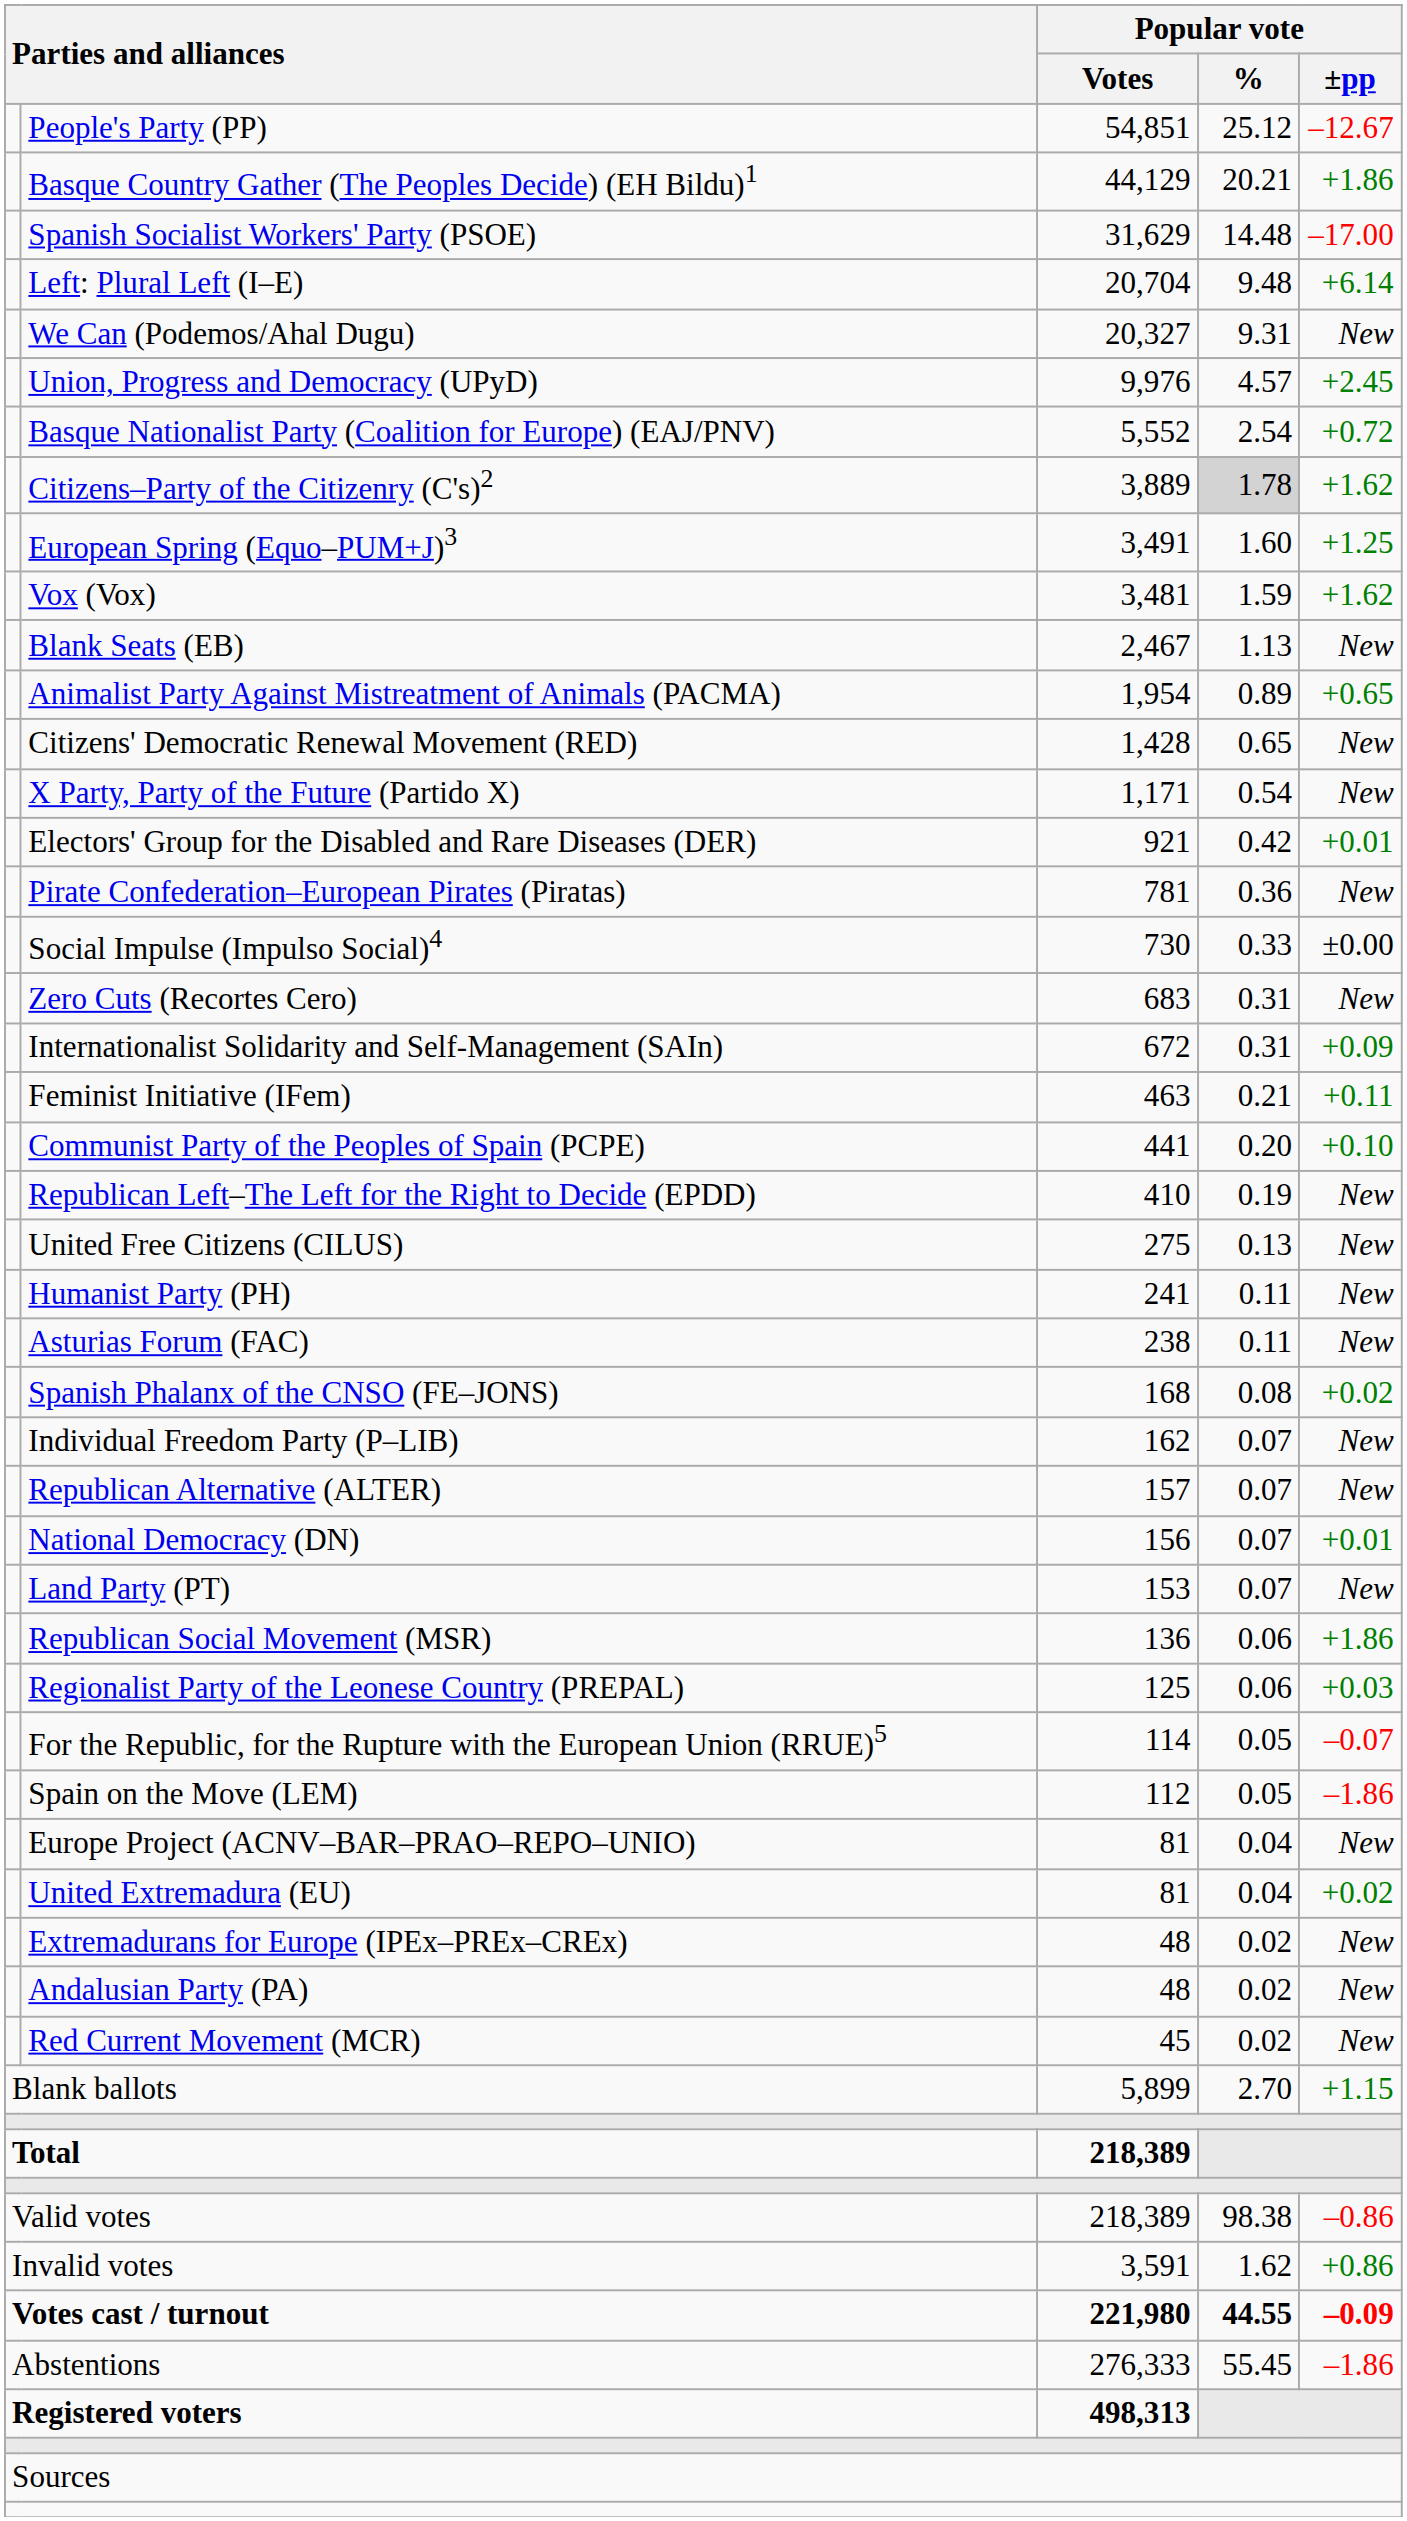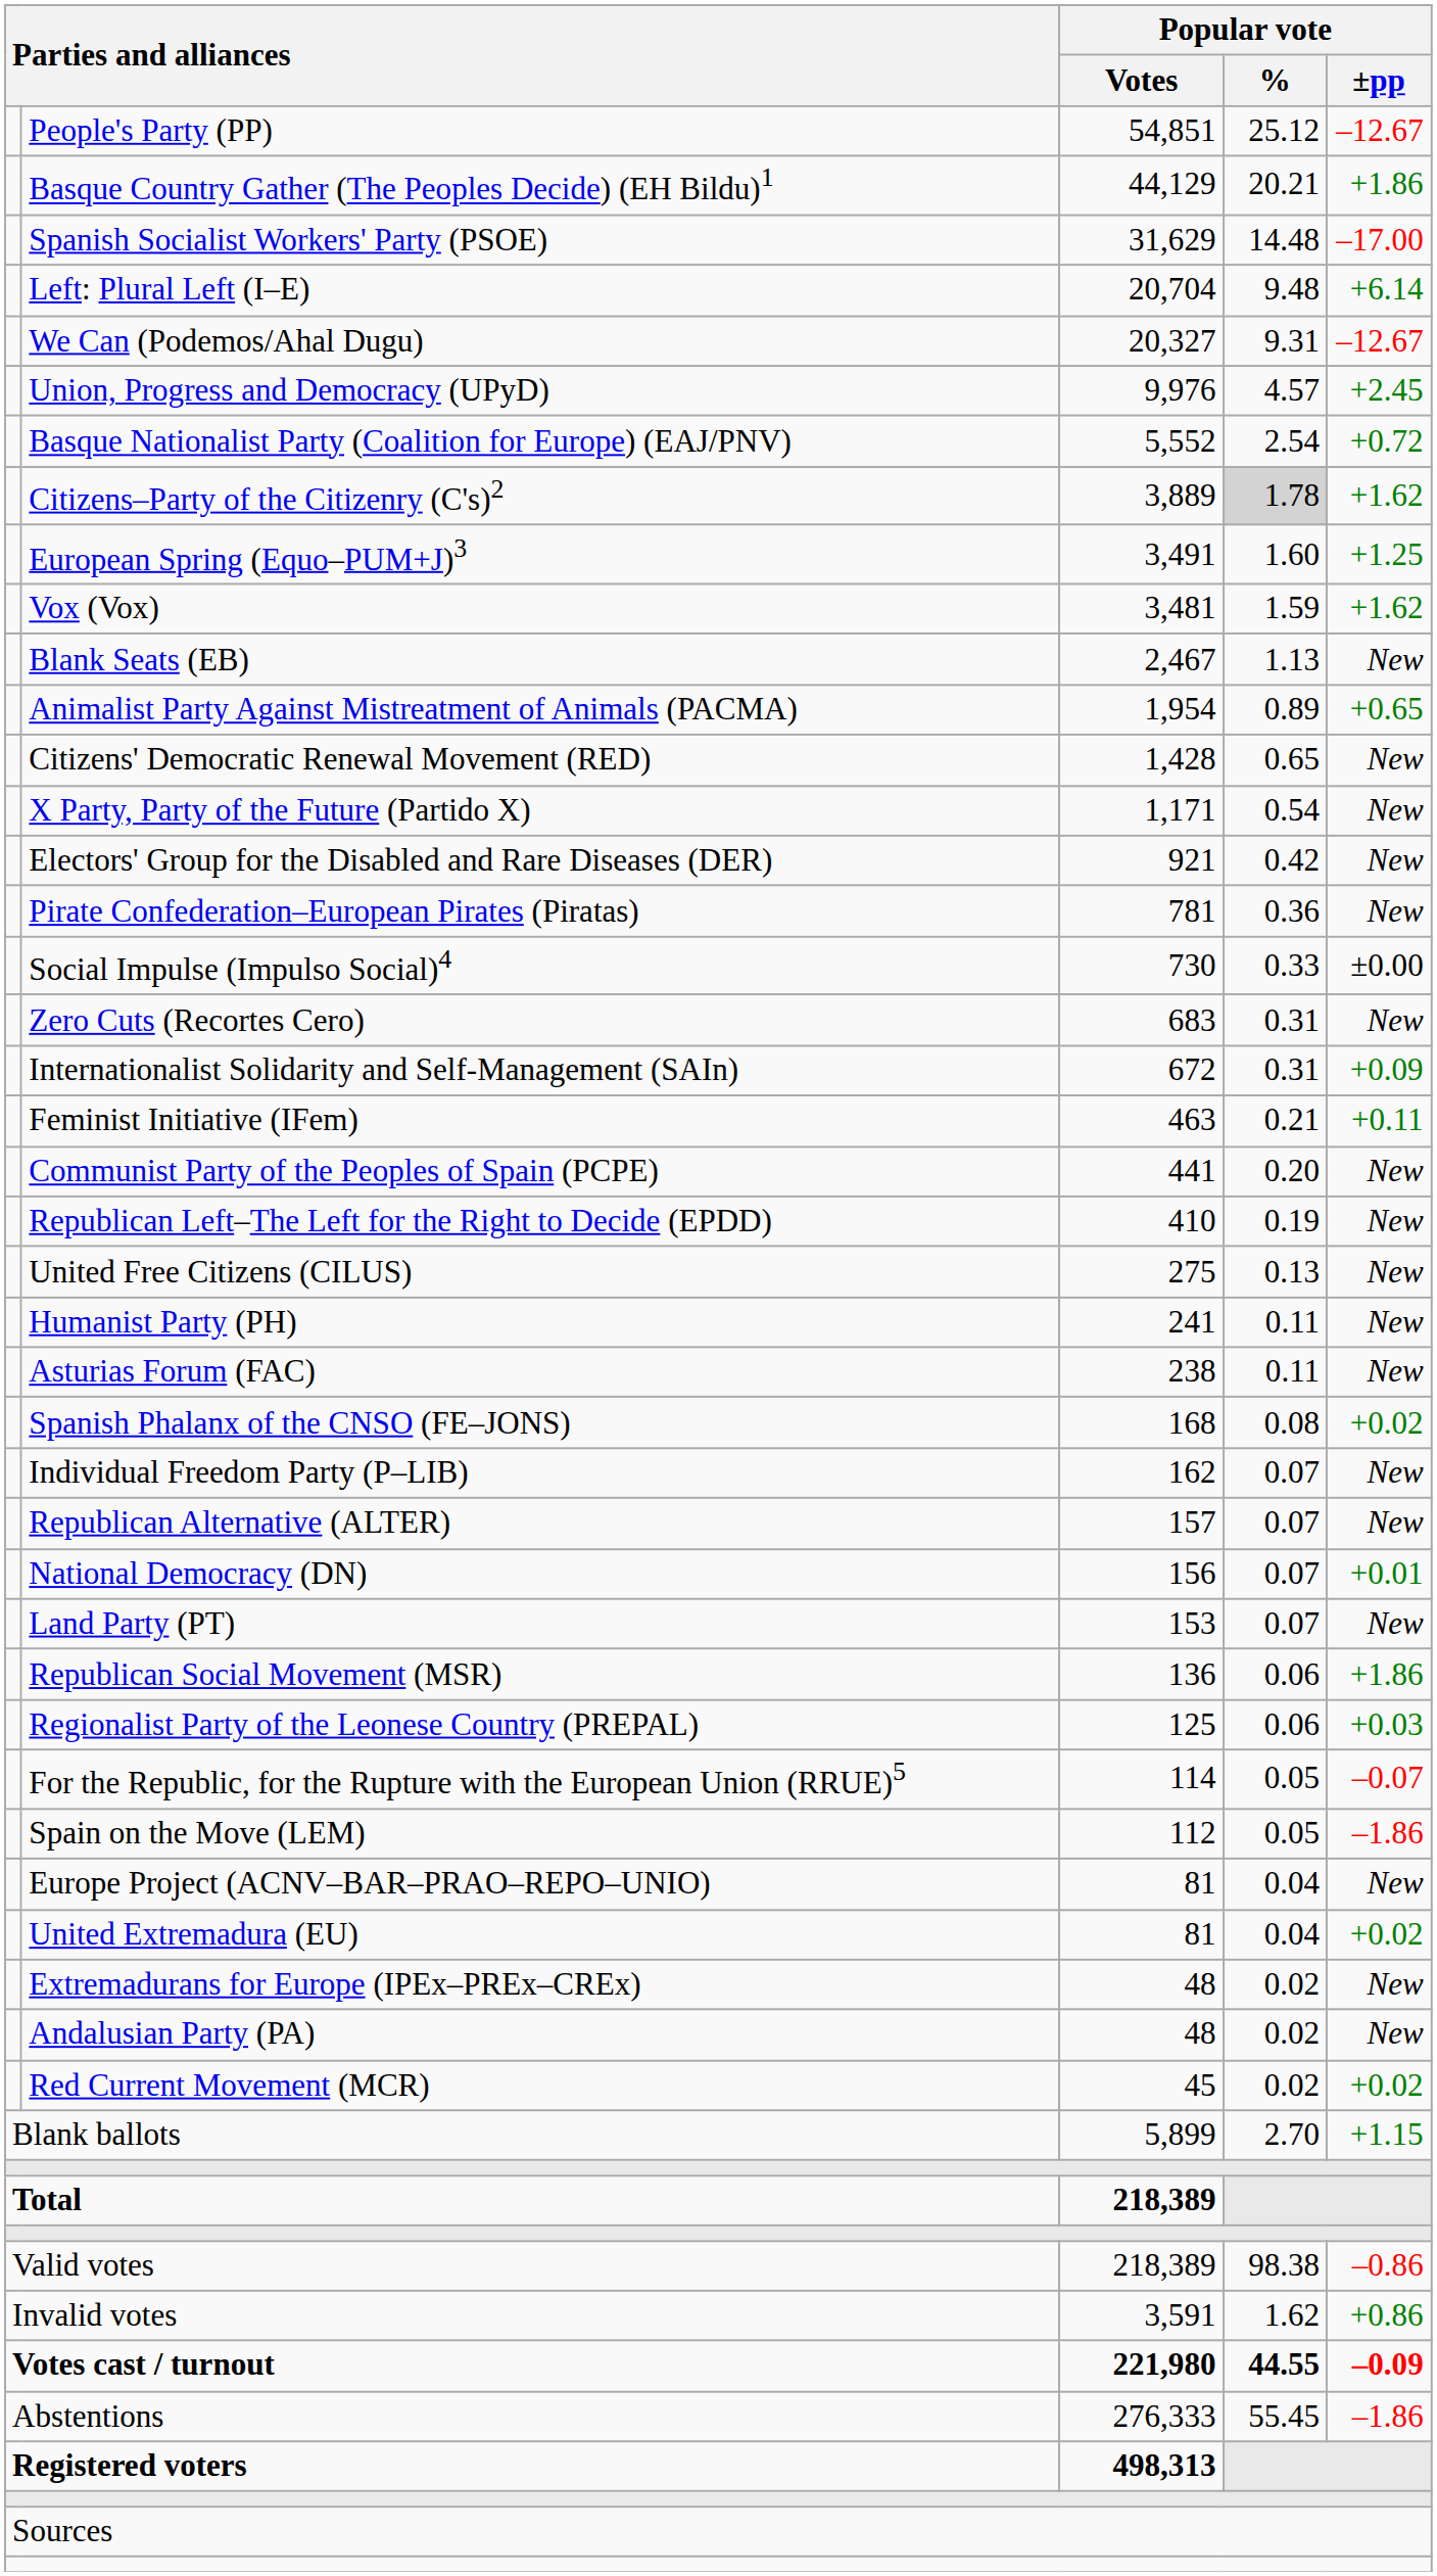 <table class="wikitable" style="text-align:right">
 <tr>
 <th style="text-align:left;" rowspan="2" colspan="2" width="525">Parties and alliances</th>
 <th colspan="3">Popular vote</th>
 </tr>
 <tr>
 <th width="75">Votes</th>
 <th width="45">%</th>
 <th width="45">±<a href='#'>pp</a></th>
 </tr>
 <tr>
 <td width="1" style="color:inherit;background:"></td>
 <td align="left"><a href='#'>People's Party</a> (PP)</td>
 <td>54,851</td>
 <td>25.12</td>
 <td style="color:red;">–12.67</td>
 </tr>
 <tr>
 <td style="color:inherit;background:"></td>
 <td align="left"><a href='#'>Basque Country Gather</a> (<a href='#'>The Peoples Decide</a>) (EH Bildu)<sup>1</sup></td>
 <td>44,129</td>
 <td>20.21</td>
 <td style="color:green;">+1.86</td>
 </tr>
 <tr>
 <td style="color:inherit;background:"></td>
 <td align="left"><a href='#'>Spanish Socialist Workers' Party</a> (PSOE)</td>
 <td>31,629</td>
 <td>14.48</td>
 <td style="color:red;">–17.00</td>
 </tr>
 <tr>
 <td style="color:inherit;background:"></td>
 <td align="left"><a href='#'>Left</a>: <a href='#'>Plural Left</a> (I–E)</td>
 <td>20,704</td>
 <td>9.48</td>
 <td style="color:green;">+6.14</td>
 </tr>
 <tr>
 <td style="color:inherit;background:"></td>
 <td align="left"><a href='#'>We Can</a> (Podemos/Ahal Dugu)</td>
 <td>20,327</td>
 <td>9.31</td>
-<td><em>New</em></td>
+<td style="color:red;">–12.67</td>
 </tr>
 <tr>
 <td style="color:inherit;background:"></td>
 <td align="left"><a href='#'>Union, Progress and Democracy</a> (UPyD)</td>
 <td>9,976</td>
 <td>4.57</td>
 <td style="color:green;">+2.45</td>
 </tr>
 <tr>
 <td style="color:inherit;background:"></td>
 <td align="left"><a href='#'>Basque Nationalist Party</a> (<a href='#'>Coalition for Europe</a>) (EAJ/PNV)</td>
 <td>5,552</td>
 <td>2.54</td>
 <td style="color:green;">+0.72</td>
 </tr>
 <tr>
 <td style="color:inherit;background:"></td>
 <td align="left"><a href='#'>Citizens–Party of the Citizenry</a> (C's)<sup>2</sup></td>
 <td>3,889</td>
 <td style="background: lightgrey;">1.78</td>
 <td style="color:green;">+1.62</td>
 </tr>
 <tr>
 <td style="color:inherit;background:"></td>
 <td align="left"><a href='#'>European Spring</a> (<a href='#'>Equo</a>–<a href='#'>PUM+J</a>)<sup>3</sup></td>
 <td>3,491</td>
 <td>1.60</td>
 <td style="color:green;">+1.25</td>
 </tr>
 <tr>
 <td style="color:inherit;background:"></td>
 <td align="left"><a href='#'>Vox</a> (Vox)</td>
 <td>3,481</td>
 <td>1.59</td>
 <td style="color:green;">+1.62</td>
 </tr>
 <tr>
 <td style="color:inherit;background:"></td>
 <td align="left"><a href='#'>Blank Seats</a> (EB)</td>
 <td>2,467</td>
 <td>1.13</td>
 <td><em>New</em></td>
 </tr>
 <tr>
 <td style="color:inherit;background:"></td>
 <td align="left"><a href='#'>Animalist Party Against Mistreatment of Animals</a> (PACMA)</td>
 <td>1,954</td>
 <td>0.89</td>
 <td style="color:green;">+0.65</td>
 </tr>
 <tr>
 <td style="color:inherit;background:"></td>
 <td align="left">Citizens' Democratic Renewal Movement (RED)</td>
 <td>1,428</td>
 <td>0.65</td>
 <td><em>New</em></td>
 </tr>
 <tr>
 <td style="color:inherit;background:"></td>
 <td align="left"><a href='#'>X Party, Party of the Future</a> (Partido X)</td>
 <td>1,171</td>
 <td>0.54</td>
 <td><em>New</em></td>
 </tr>
 <tr>
 <td style="color:inherit;background:"></td>
 <td align="left">Electors' Group for the Disabled and Rare Diseases (DER)</td>
 <td>921</td>
 <td>0.42</td>
-<td style="color:green;">+0.01</td>
+<td><em>New</em></td>
 </tr>
 <tr>
 <td style="color:inherit;background:"></td>
 <td align="left"><a href='#'>Pirate Confederation–European Pirates</a> (Piratas)</td>
 <td>781</td>
 <td>0.36</td>
 <td><em>New</em></td>
 </tr>
 <tr>
 <td style="color:inherit;background:"></td>
 <td align="left">Social Impulse (Impulso Social)<sup>4</sup></td>
 <td>730</td>
 <td>0.33</td>
 <td>±0.00</td>
 </tr>
 <tr>
 <td style="color:inherit;background:"></td>
 <td align="left"><a href='#'>Zero Cuts</a> (Recortes Cero)</td>
 <td>683</td>
 <td>0.31</td>
 <td><em>New</em></td>
 </tr>
 <tr>
 <td style="color:inherit;background:"></td>
 <td align="left">Internationalist Solidarity and Self-Management (SAIn)</td>
 <td>672</td>
 <td>0.31</td>
 <td style="color:green;">+0.09</td>
 </tr>
 <tr>
 <td style="color:inherit;background:"></td>
 <td align="left">Feminist Initiative (IFem)</td>
 <td>463</td>
 <td>0.21</td>
 <td style="color:green;">+0.11</td>
 </tr>
 <tr>
 <td style="color:inherit;background:"></td>
 <td align="left"><a href='#'>Communist Party of the Peoples of Spain</a> (PCPE)</td>
 <td>441</td>
 <td>0.20</td>
-<td style="color:green;">+0.10</td>
+<td><em>New</em></td>
 </tr>
 <tr>
 <td style="color:inherit;background:"></td>
 <td align="left"><a href='#'>Republican Left</a>–<a href='#'>The Left for the Right to Decide</a> (EPDD)</td>
 <td>410</td>
 <td>0.19</td>
 <td><em>New</em></td>
 </tr>
 <tr>
 <td style="color:inherit;background:"></td>
 <td align="left">United Free Citizens (CILUS)</td>
 <td>275</td>
 <td>0.13</td>
 <td><em>New</em></td>
 </tr>
 <tr>
 <td style="color:inherit;background:"></td>
 <td align="left"><a href='#'>Humanist Party</a> (PH)</td>
 <td>241</td>
 <td>0.11</td>
 <td><em>New</em></td>
 </tr>
 <tr>
 <td style="color:inherit;background:"></td>
 <td align="left"><a href='#'>Asturias Forum</a> (FAC)</td>
 <td>238</td>
 <td>0.11</td>
 <td><em>New</em></td>
 </tr>
 <tr>
 <td style="color:inherit;background:"></td>
 <td align="left"><a href='#'>Spanish Phalanx of the CNSO</a> (FE–JONS)</td>
 <td>168</td>
 <td>0.08</td>
 <td style="color:green;">+0.02</td>
 </tr>
 <tr>
 <td style="color:inherit;background:"></td>
 <td align="left">Individual Freedom Party (P–LIB)</td>
 <td>162</td>
 <td>0.07</td>
 <td><em>New</em></td>
 </tr>
 <tr>
 <td style="color:inherit;background:"></td>
 <td align="left"><a href='#'>Republican Alternative</a> (ALTER)</td>
 <td>157</td>
 <td>0.07</td>
 <td><em>New</em></td>
 </tr>
 <tr>
 <td style="color:inherit;background:"></td>
 <td align="left"><a href='#'>National Democracy</a> (DN)</td>
 <td>156</td>
 <td>0.07</td>
 <td style="color:green;">+0.01</td>
 </tr>
 <tr>
 <td style="color:inherit;background:"></td>
 <td align="left"><a href='#'>Land Party</a> (PT)</td>
 <td>153</td>
 <td>0.07</td>
 <td><em>New</em></td>
 </tr>
 <tr>
 <td style="color:inherit;background:"></td>
 <td align="left"><a href='#'>Republican Social Movement</a> (MSR)</td>
 <td>136</td>
 <td>0.06</td>
 <td style="color:green;">+1.86</td>
 </tr>
 <tr>
 <td style="color:inherit;background:"></td>
 <td align="left"><a href='#'>Regionalist Party of the Leonese Country</a> (PREPAL)</td>
 <td>125</td>
 <td>0.06</td>
 <td style="color:green;">+0.03</td>
 </tr>
 <tr>
 <td style="color:inherit;background:"></td>
 <td align="left">For the Republic, for the Rupture with the European Union (RRUE)<sup>5</sup></td>
 <td>114</td>
 <td>0.05</td>
 <td style="color:red;">–0.07</td>
 </tr>
 <tr>
 <td style="color:inherit;background:"></td>
 <td align="left">Spain on the Move (LEM)</td>
 <td>112</td>
 <td>0.05</td>
 <td style="color:red;">–1.86</td>
 </tr>
 <tr>
 <td style="color:inherit;background:"></td>
 <td align="left">Europe Project (ACNV–BAR–PRAO–REPO–UNIO)</td>
 <td>81</td>
 <td>0.04</td>
 <td><em>New</em></td>
 </tr>
 <tr>
 <td style="color:inherit;background:"></td>
 <td align="left"><a href='#'>United Extremadura</a> (EU)</td>
 <td>81</td>
 <td>0.04</td>
 <td style="color:green;">+0.02</td>
 </tr>
 <tr>
 <td style="color:inherit;background:"></td>
 <td align="left"><a href='#'>Extremadurans for Europe</a> (IPEx–PREx–CREx)</td>
 <td>48</td>
 <td>0.02</td>
 <td><em>New</em></td>
 </tr>
 <tr>
 <td style="color:inherit;background:"></td>
 <td align="left"><a href='#'>Andalusian Party</a> (PA)</td>
 <td>48</td>
 <td>0.02</td>
 <td><em>New</em></td>
 </tr>
 <tr>
 <td style="color:inherit;background:"></td>
 <td align="left"><a href='#'>Red Current Movement</a> (MCR)</td>
 <td>45</td>
 <td>0.02</td>
-<td><em>New</em></td>
+<td style="color:green;">+0.02</td>
 </tr>
 <tr>
 <td align="left" colspan="2">Blank ballots</td>
 <td>5,899</td>
 <td>2.70</td>
 <td style="color:green;">+1.15</td>
 </tr>
 <tr>
 <td colspan="5" bgcolor="#E9E9E9"></td>
 </tr>
 <tr style="font-weight:bold;">
 <td align="left" colspan="2">Total</td>
 <td>218,389</td>
 <td bgcolor="#E9E9E9" colspan="2"></td>
 </tr>
 <tr>
 <td colspan="5" bgcolor="#E9E9E9"></td>
 </tr>
 <tr>
 <td align="left" colspan="2">Valid votes</td>
 <td>218,389</td>
 <td>98.38</td>
 <td style="color:red;">–0.86</td>
 </tr>
 <tr>
 <td align="left" colspan="2">Invalid votes</td>
 <td>3,591</td>
 <td>1.62</td>
 <td style="color:green;">+0.86</td>
 </tr>
 <tr style="font-weight:bold;">
 <td align="left" colspan="2">Votes cast / turnout</td>
 <td>221,980</td>
 <td>44.55</td>
 <td style="color:red;">–0.09</td>
 </tr>
 <tr>
 <td align="left" colspan="2">Abstentions</td>
 <td>276,333</td>
 <td>55.45</td>
 <td style="color:red;">–1.86</td>
 </tr>
 <tr style="font-weight:bold;">
 <td align="left" colspan="2">Registered voters</td>
 <td>498,313</td>
 <td bgcolor="#E9E9E9" colspan="2"></td>
 </tr>
 <tr>
 <td colspan="5" bgcolor="#E9E9E9"></td>
 </tr>
 <tr>
 <td align="left" colspan="5">Sources</td>
 </tr>
 <tr>
 <td colspan="5" style="text-align:left; max-width:680px;"></td>
 </tr>
 </table>
